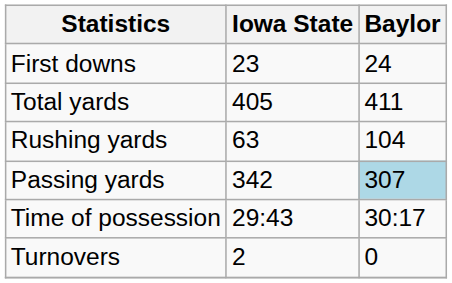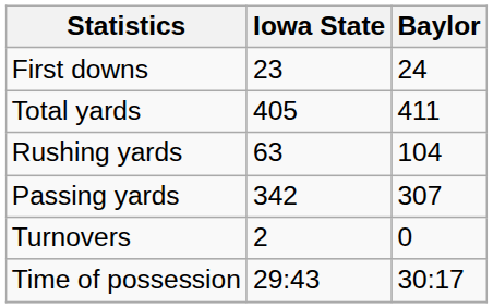 <table class="wikitable" style="float: right;">
 <tr>
 <th>Statistics</th>
 <th>Iowa State</th>
 <th>Baylor</th>
 </tr>
 <tr>
 <td>First downs</td>
 <td>23</td>
 <td>24</td>
 </tr>
 <tr>
 <td>Total yards</td>
 <td>405</td>
 <td>411</td>
 </tr>
 <tr>
 <td>Rushing yards</td>
 <td>63</td>
 <td>104</td>
 </tr>
 <tr>
 <td>Passing yards</td>
 <td>342</td>
-<td style="background: lightblue;">307</td>
+<td>307</td>
+</tr>
+<tr>
+<td>Turnovers</td>
+<td>2</td>
+<td>0</td>
 </tr>
 <tr>
 <td>Time of possession</td>
 <td>29:43</td>
 <td>30:17</td>
 </tr>
 <tr>
-<td>Turnovers</td>
-<td>2</td>
-<td>0</td>
-</tr>
-<tr>
 </tr>
 </table>
